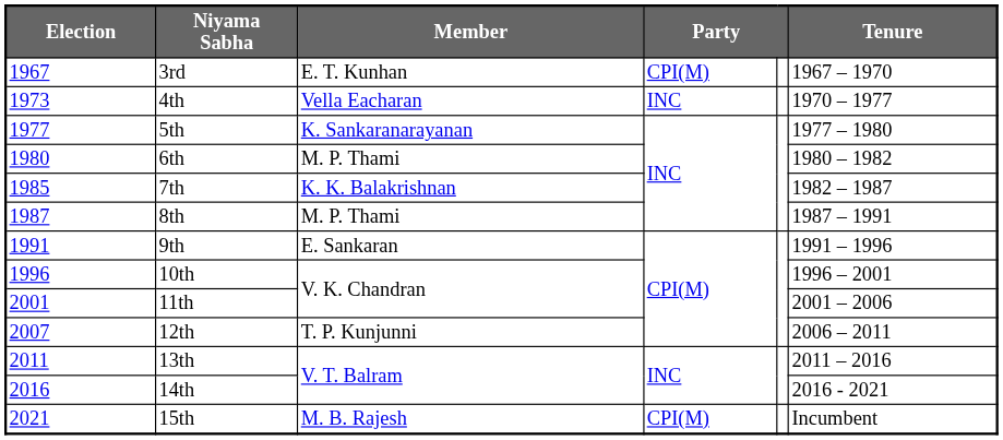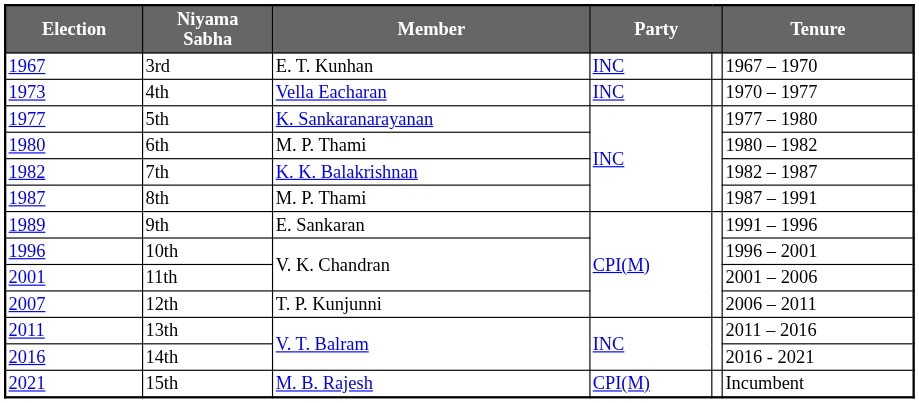 <table class="sortable" width="50%" cellpadding="2" cellspacing="0" border="1" style="border-collapse: collapse; border: 2px #000000 solid; font-size: x-big; font-family: verdana">
 <tr>
 <th style="background-color:#666666; color:white">Election</th>
 <th style="background-color:#666666; color:white">Niyama<br>Sabha</th>
 <th style="background-color:#666666; color:white">Member</th>
 <th style="background-color:#666666; color:white" colspan="2">Party</th>
 <th style="background-color:#666666; color:white">Tenure</th>
 </tr>
 <tr>
 <td><a href='#'>1967</a></td>
 <td>3rd</td>
 <td>E. T. Kunhan</td>
-<td><a href='#'>CPI(M)</a></td>
+<td><a href='#'>INC</a></td>
 <td width="4px" style="background-color: "></td>
 <td>1967 – 1970</td>
 </tr>
 <tr>
 <td><a href='#'>1973</a></td>
 <td>4th</td>
 <td><a href='#'>Vella Eacharan</a></td>
 <td><a href='#'>INC</a></td>
 <td width="4px" style="background-color: "></td>
 <td>1970 – 1977</td>
 </tr>
 <tr>
 <td><a href='#'>1977</a></td>
 <td>5th</td>
 <td><a href='#'>K. Sankaranarayanan</a></td>
 <td rowspan="4"><a href='#'>INC</a></td>
 <td rowspan="4" width="4px" style="background-color: "></td>
 <td>1977 – 1980</td>
 </tr>
 <tr>
 <td><a href='#'>1980</a></td>
 <td>6th</td>
 <td>M. P. Thami</td>
 <td>1980 – 1982</td>
 </tr>
 <tr>
-<td><a href='#'>1985</a></td>
+<td><a href='#'>1982</a></td>
 <td>7th</td>
 <td><a href='#'>K. K. Balakrishnan</a></td>
 <td>1982 – 1987</td>
 </tr>
 <tr>
 <td><a href='#'>1987</a></td>
 <td>8th</td>
 <td>M. P. Thami</td>
 <td>1987 – 1991</td>
 </tr>
 <tr>
-<td><a href='#'>1991</a></td>
+<td><a href='#'>1989</a></td>
 <td>9th</td>
 <td>E. Sankaran</td>
 <td rowspan="4"><a href='#'>CPI(M)</a></td>
 <td rowspan="4" width="4px" style="background-color: "></td>
 <td>1991 – 1996</td>
 </tr>
 <tr>
 <td><a href='#'>1996</a></td>
 <td>10th</td>
 <td rowspan="2">V. K. Chandran</td>
 <td>1996 – 2001</td>
 </tr>
 <tr>
 <td><a href='#'>2001</a></td>
 <td>11th</td>
 <td>2001 – 2006</td>
 </tr>
 <tr>
 <td><a href='#'>2007</a></td>
 <td>12th</td>
 <td>T. P. Kunjunni</td>
 <td>2006 – 2011</td>
 </tr>
 <tr>
 <td><a href='#'>2011</a></td>
 <td>13th</td>
 <td rowspan="2"><a href='#'>V. T. Balram</a></td>
 <td rowspan="2"><a href='#'>INC</a></td>
 <td rowspan="2" width="4px" style="background-color: "></td>
 <td>2011 – 2016</td>
 </tr>
 <tr>
 <td><a href='#'>2016</a></td>
 <td>14th</td>
 <td>2016 - 2021</td>
 </tr>
 <tr>
 <td><a href='#'>2021</a></td>
 <td>15th</td>
 <td><a href='#'>M. B. Rajesh</a></td>
 <td rowspan="4"><a href='#'>CPI(M)</a></td>
 <td rowspan="4" width="4px" style="background-color: "></td>
 <td>Incumbent</td>
 </tr>
 </table>
